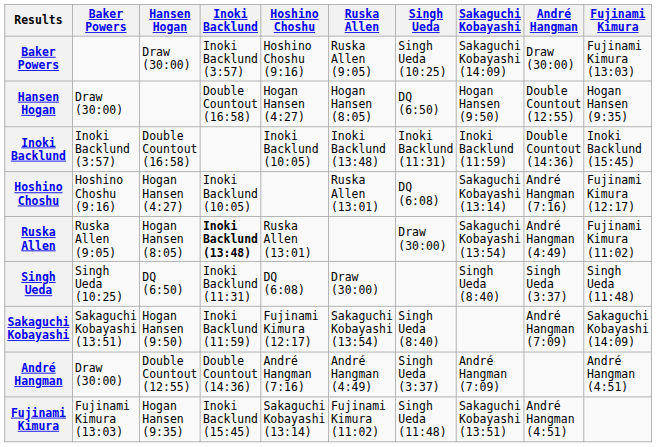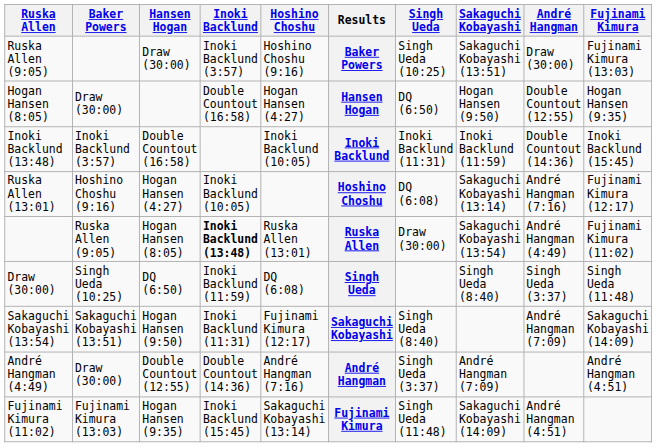 <table class="wikitable" style="margin: 1em auto 1em auto">
 <tr>
-<th>Results</th>
+<th><a href='#'>Ruska</a><br><a href='#'>Allen</a></th>
 <th><a href='#'>Baker</a><br><a href='#'>Powers</a></th>
 <th><a href='#'>Hansen</a><br><a href='#'>Hogan</a></th>
 <th><a href='#'>Inoki</a><br><a href='#'>Backlund</a></th>
 <th><a href='#'>Hoshino</a><br><a href='#'>Choshu</a></th>
-<th><a href='#'>Ruska</a><br><a href='#'>Allen</a></th>
+<th>Results</th>
 <th><a href='#'>Singh</a><br><a href='#'>Ueda</a></th>
 <th><a href='#'>Sakaguchi</a><br><a href='#'>Kobayashi</a></th>
 <th><a href='#'>André</a><br><a href='#'>Hangman</a></th>
 <th><a href='#'>Fujinami</a><br><a href='#'>Kimura</a></th>
 </tr>
 <tr>
-<th><a href='#'>Baker</a><br><a href='#'>Powers</a></th>
+<td>Ruska<br>Allen<br>(9:05)</td>
 <td></td>
 <td>Draw<br>(30:00)</td>
 <td>Inoki<br>Backlund<br>(3:57)</td>
 <td>Hoshino<br>Choshu<br>(9:16)</td>
-<td>Ruska<br>Allen<br>(9:05)</td>
+<th><a href='#'>Baker</a><br><a href='#'>Powers</a></th>
 <td>Singh<br>Ueda<br>(10:25)</td>
-<td>Sakaguchi<br>Kobayashi<br>(14:09)</td>
+<td>Sakaguchi<br>Kobayashi<br>(13:51)</td>
 <td>Draw<br>(30:00)</td>
 <td>Fujinami<br>Kimura<br>(13:03)</td>
 </tr>
 <tr>
-<th><a href='#'>Hansen</a><br><a href='#'>Hogan</a></th>
+<td>Hogan<br>Hansen<br>(8:05)</td>
 <td>Draw<br>(30:00)</td>
 <td></td>
 <td>Double<br>Countout<br>(16:58)</td>
 <td>Hogan<br>Hansen<br>(4:27)</td>
-<td>Hogan<br>Hansen<br>(8:05)</td>
+<th><a href='#'>Hansen</a><br><a href='#'>Hogan</a></th>
 <td>DQ<br> (6:50)</td>
 <td>Hogan<br>Hansen<br>(9:50)</td>
 <td>Double<br>Countout<br>(12:55)</td>
 <td>Hogan<br>Hansen<br>(9:35)</td>
 </tr>
 <tr>
-<th><a href='#'>Inoki</a><br><a href='#'>Backlund</a></th>
+<td>Inoki<br>Backlund<br>(13:48)</td>
 <td>Inoki<br>Backlund<br>(3:57)</td>
 <td>Double<br>Countout<br>(16:58)</td>
 <td></td>
 <td>Inoki<br>Backlund<br>(10:05)</td>
-<td>Inoki<br>Backlund<br>(13:48)</td>
+<th><a href='#'>Inoki</a><br><a href='#'>Backlund</a></th>
 <td>Inoki<br>Backlund<br>(11:31)</td>
 <td>Inoki<br>Backlund<br>(11:59)</td>
 <td>Double<br>Countout<br>(14:36)</td>
 <td>Inoki<br>Backlund<br>(15:45)</td>
 </tr>
 <tr>
-<th><a href='#'>Hoshino</a><br><a href='#'>Choshu</a></th>
+<td>Ruska<br>Allen<br>(13:01)</td>
 <td>Hoshino<br>Choshu<br>(9:16)</td>
 <td>Hogan<br>Hansen<br>(4:27)</td>
 <td>Inoki<br>Backlund<br>(10:05)</td>
 <td></td>
-<td>Ruska<br>Allen<br>(13:01)</td>
+<th><a href='#'>Hoshino</a><br><a href='#'>Choshu</a></th>
 <td>DQ<br>(6:08)</td>
 <td>Sakaguchi<br>Kobayashi<br>(13:14)</td>
 <td>André<br>Hangman<br>(7:16)</td>
 <td>Fujinami<br>Kimura<br>(12:17)</td>
 </tr>
 <tr>
-<th><a href='#'>Ruska</a><br><a href='#'>Allen</a></th>
+<td></td>
 <td>Ruska<br>Allen<br>(9:05)</td>
 <td>Hogan<br>Hansen<br>(8:05)</td>
 <td><strong>Inoki<br>Backlund<br>(13:48)</strong></td>
 <td>Ruska<br>Allen<br>(13:01)</td>
-<td></td>
+<th><a href='#'>Ruska</a><br><a href='#'>Allen</a></th>
 <td>Draw<br>(30:00)</td>
 <td>Sakaguchi<br>Kobayashi<br>(13:54)</td>
 <td>André<br>Hangman<br>(4:49)</td>
 <td>Fujinami<br>Kimura<br>(11:02)</td>
 </tr>
 <tr>
-<th><a href='#'>Singh</a><br><a href='#'>Ueda</a></th>
+<td>Draw<br>(30:00)</td>
 <td>Singh<br>Ueda<br>(10:25)</td>
 <td>DQ<br> (6:50)</td>
-<td>Inoki<br>Backlund<br>(11:31)</td>
+<td>Inoki<br>Backlund<br>(11:59)</td>
 <td>DQ<br>(6:08)</td>
-<td>Draw<br>(30:00)</td>
+<th><a href='#'>Singh</a><br><a href='#'>Ueda</a></th>
 <td></td>
 <td>Singh<br>Ueda<br>(8:40)</td>
 <td>Singh<br>Ueda<br>(3:37)</td>
 <td>Singh<br>Ueda<br>(11:48)</td>
 </tr>
 <tr>
-<th><a href='#'>Sakaguchi</a><br><a href='#'>Kobayashi</a></th>
+<td>Sakaguchi<br>Kobayashi<br>(13:54)</td>
 <td>Sakaguchi<br>Kobayashi<br>(13:51)</td>
 <td>Hogan<br>Hansen<br>(9:50)</td>
-<td>Inoki<br>Backlund<br>(11:59)</td>
+<td>Inoki<br>Backlund<br>(11:31)</td>
 <td>Fujinami<br>Kimura<br>(12:17)</td>
-<td>Sakaguchi<br>Kobayashi<br>(13:54)</td>
+<th><a href='#'>Sakaguchi</a><br><a href='#'>Kobayashi</a></th>
 <td>Singh<br>Ueda<br>(8:40)</td>
 <td></td>
 <td>André<br>Hangman<br>(7:09)</td>
 <td>Sakaguchi<br>Kobayashi<br>(14:09)</td>
 </tr>
 <tr>
-<th><a href='#'>André</a><br><a href='#'>Hangman</a></th>
+<td>André<br>Hangman<br>(4:49)</td>
 <td>Draw<br>(30:00)</td>
 <td>Double<br>Countout<br>(12:55)</td>
 <td>Double<br>Countout<br>(14:36)</td>
 <td>André<br>Hangman<br>(7:16)</td>
-<td>André<br>Hangman<br>(4:49)</td>
+<th><a href='#'>André</a><br><a href='#'>Hangman</a></th>
 <td>Singh<br>Ueda<br>(3:37)</td>
 <td>André<br>Hangman<br>(7:09)</td>
 <td></td>
 <td>André<br>Hangman<br>(4:51)</td>
 </tr>
 <tr>
-<th><a href='#'>Fujinami</a><br><a href='#'>Kimura</a></th>
+<td>Fujinami<br>Kimura<br>(11:02)</td>
 <td>Fujinami<br>Kimura<br>(13:03)</td>
 <td>Hogan<br>Hansen<br>(9:35)</td>
 <td>Inoki<br>Backlund<br>(15:45)</td>
 <td>Sakaguchi<br>Kobayashi<br>(13:14)</td>
-<td>Fujinami<br>Kimura<br>(11:02)</td>
+<th><a href='#'>Fujinami</a><br><a href='#'>Kimura</a></th>
 <td>Singh<br>Ueda<br>(11:48)</td>
-<td>Sakaguchi<br>Kobayashi<br>(13:51)</td>
+<td>Sakaguchi<br>Kobayashi<br>(14:09)</td>
 <td>André<br>Hangman<br>(4:51)</td>
 <td></td>
 </tr>
 </table>
